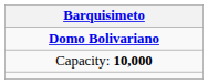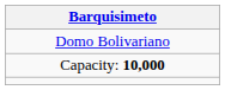 <table class="wikitable" style="text-align:center" width=225>
 <tr>
 <th> <strong><a href='#'>Barquisimeto</a></strong></th>
 </tr>
 <tr>
-<td><strong><a href='#'>Domo Bolivariano</a></strong></td>
+<td><a href='#'>Domo Bolivariano</a></td>
 </tr>
 <tr>
 <td>Capacity: <strong>10,000</strong></td>
 </tr>
 <tr>
 <td></td>
 </tr>
 </table>
